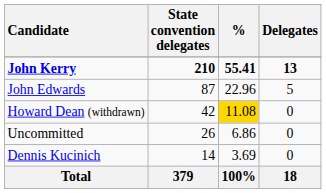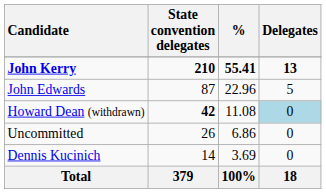 <table class="wikitable sortable plainrowheaders" style="text-align:right;">
 <tr>
 <th style="text-align:left;">Candidate</th>
 <th>State<br>convention<br>delegates</th>
 <th>%</th>
 <th>Delegates</th>
 </tr>
 <tr>
 </tr>
 <tr>
 <td style="text-align:left;"><strong><a href='#'>John Kerry</a></strong></td>
 <td><strong>210</strong></td>
 <td><strong>55.41</strong></td>
 <td style="text-align:center;"><strong>13</strong></td>
 </tr>
 <tr>
 <td style="text-align:left;"><a href='#'>John Edwards</a></td>
 <td>87</td>
 <td>22.96</td>
 <td style="text-align:center;">5</td>
 </tr>
 <tr>
 <td style="text-align:left;"><a href='#'>Howard Dean</a> <small>(withdrawn)</small></td>
-<td>42</td>
-<td style="background: gold;">11.08</td>
-<td style="text-align:center;">0</td>
+<td><strong>42</strong></td>
+<td>11.08</td>
+<td style="background: lightblue; text-align:center;">0</td>
 </tr>
 <tr>
 <td style="text-align:left;">Uncommitted</td>
 <td>26</td>
 <td>6.86</td>
 <td style="text-align:center;">0</td>
 </tr>
 <tr>
 <td style="text-align:left;"><a href='#'>Dennis Kucinich</a></td>
 <td>14</td>
 <td>3.69</td>
 <td style="text-align:center;">0</td>
 </tr>
 <tr class="sortbottom">
 <th>Total</th>
 <th>379</th>
 <th>100%</th>
 <th>18</th>
 </tr>
 </table>
